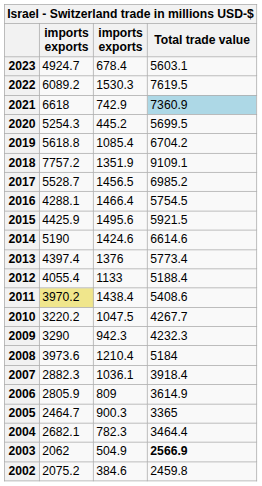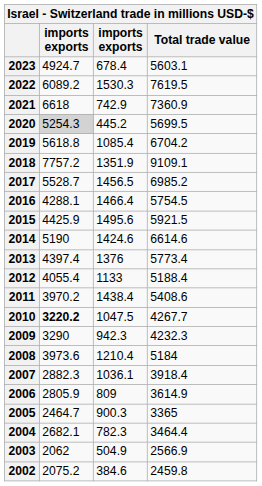 <table class="wikitable mw-collapsible mw-collapsed">
 <tr>
 <th colspan="4">Israel - Switzerland trade in millions USD-$</th>
 </tr>
 <tr>
 <th></th>
 <th> imports<br> exports</th>
 <th> imports<br> exports</th>
 <th>Total trade value</th>
 </tr>
 <tr>
 <th>2023</th>
 <td>4924.7</td>
 <td>678.4</td>
 <td>5603.1</td>
 </tr>
 <tr>
 <th>2022</th>
 <td>6089.2</td>
 <td>1530.3</td>
 <td>7619.5</td>
 </tr>
 <tr>
 <th>2021</th>
 <td>6618</td>
 <td>742.9</td>
-<td style="background: lightblue;">7360.9</td>
+<td>7360.9</td>
 </tr>
 <tr>
 <th>2020</th>
-<td>5254.3</td>
+<td style="background: lightgrey;">5254.3</td>
 <td>445.2</td>
 <td>5699.5</td>
 </tr>
 <tr>
 <th>2019</th>
 <td>5618.8</td>
 <td>1085.4</td>
 <td>6704.2</td>
 </tr>
 <tr>
 <th>2018</th>
 <td>7757.2</td>
 <td>1351.9</td>
 <td>9109.1</td>
 </tr>
 <tr>
 <th>2017</th>
 <td>5528.7</td>
 <td>1456.5</td>
 <td>6985.2</td>
 </tr>
 <tr>
 <th>2016</th>
 <td>4288.1</td>
 <td>1466.4</td>
 <td>5754.5</td>
 </tr>
 <tr>
 <th>2015</th>
 <td>4425.9</td>
 <td>1495.6</td>
 <td>5921.5</td>
 </tr>
 <tr>
 <th>2014</th>
 <td>5190</td>
 <td>1424.6</td>
 <td>6614.6</td>
 </tr>
 <tr>
 <th>2013</th>
 <td>4397.4</td>
 <td>1376</td>
 <td>5773.4</td>
 </tr>
 <tr>
 <th>2012</th>
 <td>4055.4</td>
 <td>1133</td>
 <td>5188.4</td>
 </tr>
 <tr>
 <th>2011</th>
-<td style="background: khaki;">3970.2</td>
+<td>3970.2</td>
 <td>1438.4</td>
 <td>5408.6</td>
 </tr>
 <tr>
 <th>2010</th>
-<td>3220.2</td>
+<td><strong>3220.2</strong></td>
 <td>1047.5</td>
 <td>4267.7</td>
 </tr>
 <tr>
 <th>2009</th>
 <td>3290</td>
 <td>942.3</td>
 <td>4232.3</td>
 </tr>
 <tr>
 <th>2008</th>
 <td>3973.6</td>
 <td>1210.4</td>
 <td>5184</td>
 </tr>
 <tr>
 <th>2007</th>
 <td>2882.3</td>
 <td>1036.1</td>
 <td>3918.4</td>
 </tr>
 <tr>
 <th>2006</th>
 <td>2805.9</td>
 <td>809</td>
 <td>3614.9</td>
 </tr>
 <tr>
 <th>2005</th>
 <td>2464.7</td>
 <td>900.3</td>
 <td>3365</td>
 </tr>
 <tr>
 <th>2004</th>
 <td>2682.1</td>
 <td>782.3</td>
 <td>3464.4</td>
 </tr>
 <tr>
 <th>2003</th>
 <td>2062</td>
 <td>504.9</td>
-<td><strong>2566.9</strong></td>
+<td>2566.9</td>
 </tr>
 <tr>
 <th>2002</th>
 <td>2075.2</td>
 <td>384.6</td>
 <td>2459.8</td>
 </tr>
 </table>
